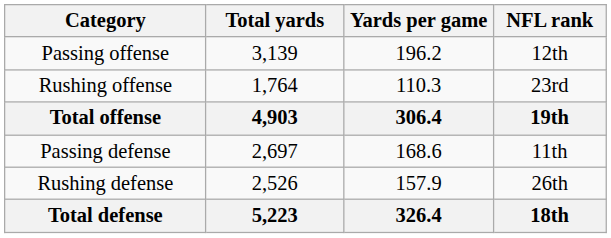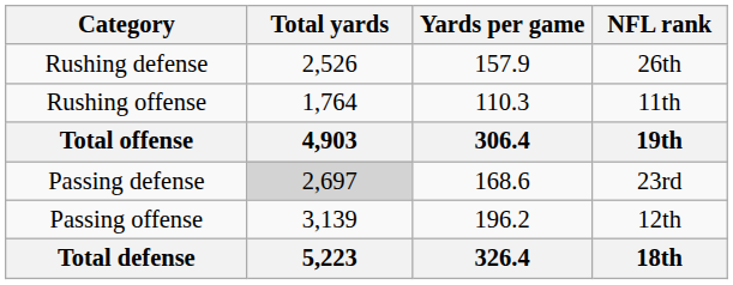 <table class="wikitable" style="text-align:center">
 <tr>
 <th width=150px>Category</th>
 <th width=100px>Total yards</th>
 <th width=110px>Yards per game</th>
 <th width=80px>NFL rank<br></th>
 </tr>
 <tr>
-<td>Passing offense</td>
-<td>3,139</td>
-<td>196.2</td>
-<td>12th</td>
+<td>Rushing defense</td>
+<td>2,526</td>
+<td>157.9</td>
+<td>26th</td>
 </tr>
 <tr>
 <td>Rushing offense</td>
 <td>1,764</td>
 <td>110.3</td>
-<td>23rd</td>
+<td>11th</td>
 </tr>
 <tr>
 <th>Total offense</th>
 <th>4,903</th>
 <th>306.4</th>
 <th>19th</th>
 </tr>
 <tr>
 <td>Passing defense</td>
-<td>2,697</td>
+<td style="background: lightgrey;">2,697</td>
 <td>168.6</td>
-<td>11th</td>
+<td>23rd</td>
 </tr>
 <tr>
-<td>Rushing defense</td>
-<td>2,526</td>
-<td>157.9</td>
-<td>26th</td>
+<td>Passing offense</td>
+<td>3,139</td>
+<td>196.2</td>
+<td>12th</td>
 </tr>
 <tr>
 <th>Total defense</th>
 <th>5,223</th>
 <th>326.4</th>
 <th>18th</th>
 </tr>
 </table>
